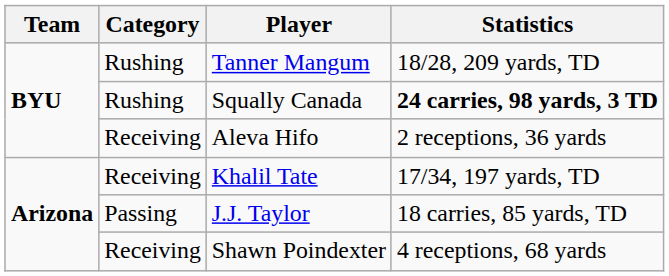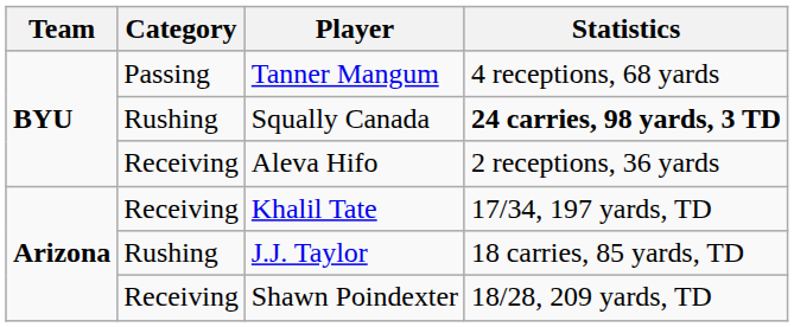 <table class="wikitable" style="float: right;">
 <tr>
 <th>Team</th>
 <th>Category</th>
 <th>Player</th>
 <th>Statistics</th>
 </tr>
 <tr>
 <td rowspan=3><strong>BYU</strong></td>
-<td>Rushing</td>
+<td>Passing</td>
 <td><a href='#'>Tanner Mangum</a></td>
-<td>18/28, 209 yards, TD</td>
+<td>4 receptions, 68 yards</td>
 </tr>
 <tr>
 <td>Rushing</td>
 <td>Squally Canada</td>
 <td><strong>24 carries, 98 yards, 3 TD</strong></td>
 </tr>
 <tr>
 <td>Receiving</td>
 <td>Aleva Hifo</td>
 <td>2 receptions, 36 yards</td>
 </tr>
 <tr>
 <td rowspan=3><strong>Arizona</strong></td>
 <td>Receiving</td>
 <td><a href='#'>Khalil Tate</a></td>
 <td>17/34, 197 yards, TD</td>
 </tr>
 <tr>
-<td>Passing</td>
+<td>Rushing</td>
 <td><a href='#'>J.J. Taylor</a></td>
 <td>18 carries, 85 yards, TD</td>
 </tr>
 <tr>
 <td>Receiving</td>
 <td>Shawn Poindexter</td>
-<td>4 receptions, 68 yards</td>
+<td>18/28, 209 yards, TD</td>
 </tr>
 </table>
